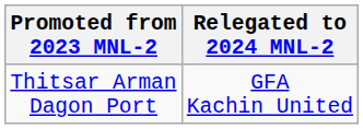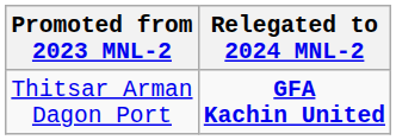 <table class="wikitable">
 <tr>
 <th> Promoted from<br><a href='#'>2023 MNL-2</a></th>
 <th> Relegated to<br><a href='#'>2024 MNL-2</a></th>
 </tr>
 <tr>
 <td align="center"><a href='#'>Thitsar Arman</a><br><a href='#'>Dagon Port</a></td>
-<td align="center"><a href='#'>GFA</a><br><a href='#'>Kachin United</a></td>
+<td align="center"><strong><a href='#'>GFA</a><br><a href='#'>Kachin United</a></strong></td>
 </tr>
 </table>
